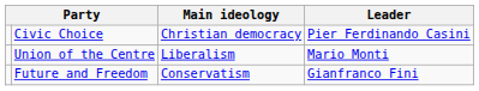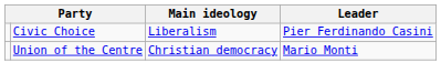 <table class="wikitable" style="font-size:95%">
 <tr>
 <th colspan=2>Party</th>
 <th>Main ideology</th>
 <th>Leader</th>
 </tr>
 <tr>
 <td></td>
 <td><a href='#'>Civic Choice</a></td>
-<td><a href='#'>Christian democracy</a></td>
+<td><a href='#'>Liberalism</a></td>
 <td><a href='#'>Pier Ferdinando Casini</a></td>
 </tr>
 <tr>
 <td></td>
 <td><a href='#'>Union of the Centre</a></td>
-<td><a href='#'>Liberalism</a></td>
+<td><a href='#'>Christian democracy</a></td>
 <td><a href='#'>Mario Monti</a></td>
 </tr>
-<tr>
-<td></td>
-<td><a href='#'>Future and Freedom</a></td>
-<td><a href='#'>Conservatism</a></td>
-<td><a href='#'>Gianfranco Fini</a></td>
-</tr>
 </table>
